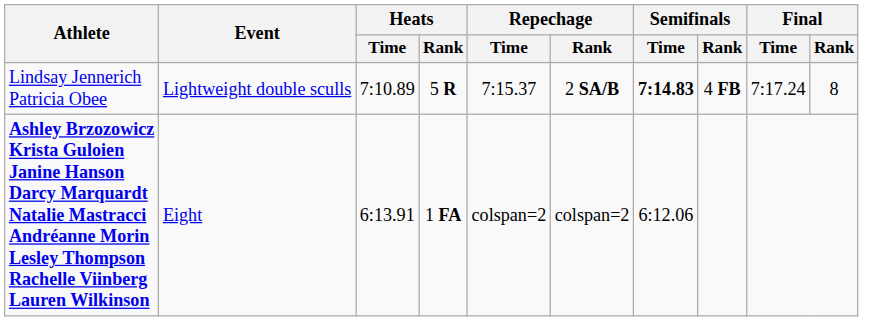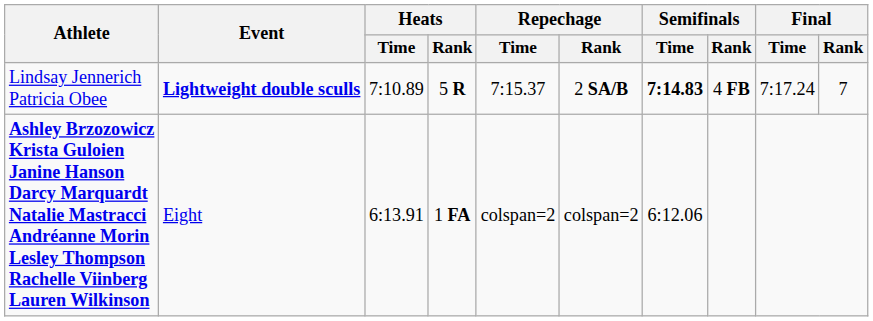 <table class="wikitable" style="font-size:90%">
 <tr>
 <th rowspan=2>Athlete</th>
 <th rowspan=2>Event</th>
 <th colspan="2">Heats</th>
 <th colspan="2">Repechage</th>
 <th colspan="2">Semifinals</th>
 <th colspan="2">Final</th>
 </tr>
 <tr style="font-size:95%">
 <th>Time</th>
 <th>Rank</th>
 <th>Time</th>
 <th>Rank</th>
 <th>Time</th>
 <th>Rank</th>
 <th>Time</th>
 <th>Rank</th>
 </tr>
 <tr align=center>
 <td align=left><a href='#'>Lindsay Jennerich</a><br> <a href='#'>Patricia Obee</a></td>
-<td align=left><a href='#'>Lightweight double sculls</a></td>
+<td align=left><strong><a href='#'>Lightweight double sculls</a></strong></td>
 <td>7:10.89</td>
 <td>5 <strong>R</strong></td>
 <td>7:15.37</td>
 <td>2 <strong>SA/B</strong></td>
 <td><strong>7:14.83</strong></td>
 <td>4 <strong>FB</strong></td>
 <td>7:17.24</td>
-<td>8</td>
+<td>7</td>
 </tr>
 <tr align=center>
 <td align=left><strong><a href='#'>Ashley Brzozowicz</a><br><a href='#'>Krista Guloien</a><br><a href='#'>Janine Hanson</a><br><a href='#'>Darcy Marquardt</a><br><a href='#'>Natalie Mastracci</a><br><a href='#'>Andréanne Morin</a><br><a href='#'>Lesley Thompson</a><br><a href='#'>Rachelle Viinberg</a><br><a href='#'>Lauren Wilkinson</a></strong></td>
 <td align=left><a href='#'>Eight</a></td>
 <td>6:13.91</td>
 <td>1 <strong>FA</strong></td>
 <td>colspan=2 </td>
 <td>colspan=2 </td>
 <td>6:12.06</td>
 <td></td>
 </tr>
 </table>
